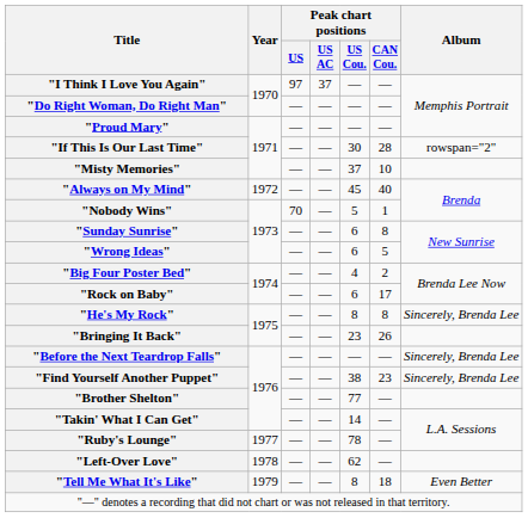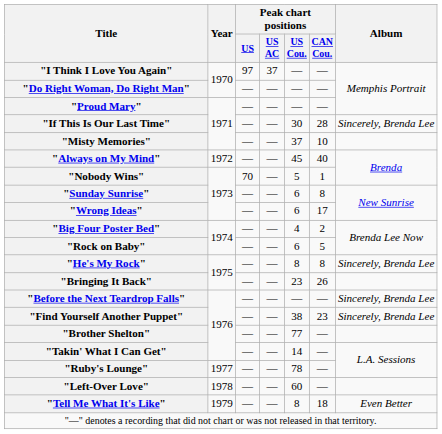 <table class="wikitable plainrowheaders" style="text-align:center;" border="1">
 <tr>
 <th scope="col" rowspan="2" style="width:18em;">Title</th>
 <th scope="col" rowspan="2">Year</th>
 <th scope="col" colspan="4">Peak chart positions</th>
 <th scope="col" rowspan="2">Album</th>
 </tr>
 <tr>
 <th scope="col" style="width:2em;font-size:90%;"><a href='#'>US</a><br></th>
 <th scope="col" style="width:2em;font-size:90%;"><a href='#'>US AC</a><br></th>
 <th scope="col" style="width:2em;font-size:90%;"><a href='#'>US<br>Cou.</a><br></th>
 <th scope="col" style="width:2em;font-size:90%;"><a href='#'>CAN<br>Cou.</a><br></th>
 </tr>
 <tr>
 <th scope="row">"I Think I Love You Again"</th>
 <td rowspan="2">1970</td>
 <td>97</td>
 <td>37</td>
 <td>—</td>
 <td>—</td>
 <td rowspan="3"><em>Memphis Portrait</em></td>
 </tr>
 <tr>
 <th scope="row">"<a href='#'>Do Right Woman, Do Right Man</a>"</th>
 <td>—</td>
 <td>—</td>
 <td>—</td>
 <td>—</td>
 </tr>
 <tr>
 <th scope="row">"<a href='#'>Proud Mary</a>"</th>
 <td rowspan="3">1971</td>
 <td>—</td>
 <td>—</td>
 <td>—</td>
 <td>—</td>
 </tr>
 <tr>
 <th scope="row">"If This Is Our Last Time"</th>
 <td>—</td>
 <td>—</td>
 <td>30</td>
 <td>28</td>
-<td>rowspan="2" </td>
+<td><em>Sincerely, Brenda Lee</em></td>
 </tr>
 <tr>
 <th scope="row">"Misty Memories"</th>
 <td>—</td>
 <td>—</td>
 <td>37</td>
 <td>10</td>
 </tr>
 <tr>
 <th scope="row">"<a href='#'>Always on My Mind</a>"</th>
 <td>1972</td>
 <td>—</td>
 <td>—</td>
 <td>45</td>
 <td>40</td>
 <td rowspan="2"><em><a href='#'>Brenda</a></em></td>
 </tr>
 <tr>
 <th scope="row">"Nobody Wins"</th>
 <td rowspan="3">1973</td>
 <td>70</td>
 <td>—</td>
 <td>5</td>
 <td>1</td>
 </tr>
 <tr>
 <th scope="row">"<a href='#'>Sunday Sunrise</a>"</th>
 <td>—</td>
 <td>—</td>
 <td>6</td>
 <td>8</td>
 <td rowspan="2"><em><a href='#'>New Sunrise</a></em></td>
 </tr>
 <tr>
 <th scope="row">"<a href='#'>Wrong Ideas</a>"</th>
 <td>—</td>
 <td>—</td>
 <td>6</td>
-<td>5</td>
+<td>17</td>
 </tr>
 <tr>
 <th scope="row">"<a href='#'>Big Four Poster Bed</a>"</th>
 <td rowspan="2">1974</td>
 <td>—</td>
 <td>—</td>
 <td>4</td>
 <td>2</td>
 <td rowspan="2"><em>Brenda Lee Now</em></td>
 </tr>
 <tr>
 <th scope="row">"Rock on Baby"</th>
 <td>—</td>
 <td>—</td>
 <td>6</td>
-<td>17</td>
+<td>5</td>
 </tr>
 <tr>
 <th scope="row">"<a href='#'>He's My Rock</a>"</th>
 <td rowspan="2">1975</td>
 <td>—</td>
 <td>—</td>
 <td>8</td>
 <td>8</td>
 <td><em>Sincerely, Brenda Lee</em></td>
 </tr>
 <tr>
 <th scope="row">"Bringing It Back"</th>
 <td>—</td>
 <td>—</td>
 <td>23</td>
 <td>26</td>
 <td></td>
 </tr>
 <tr>
 <th scope="row">"<a href='#'>Before the Next Teardrop Falls</a>"</th>
 <td rowspan="4">1976</td>
 <td>—</td>
 <td>—</td>
 <td>—</td>
 <td>—</td>
 <td><em>Sincerely, Brenda Lee</em></td>
 </tr>
 <tr>
 <th scope="row">"Find Yourself Another Puppet"</th>
 <td>—</td>
 <td>—</td>
 <td>38</td>
 <td>23</td>
 <td><em>Sincerely, Brenda Lee</em></td>
 </tr>
 <tr>
 <th scope="row">"Brother Shelton"</th>
 <td>—</td>
 <td>—</td>
 <td>77</td>
 <td>—</td>
 </tr>
 <tr>
 <th scope="row">"Takin' What I Can Get"</th>
 <td>—</td>
 <td>—</td>
 <td>14</td>
 <td>—</td>
 <td rowspan="2"><em>L.A. Sessions</em></td>
 </tr>
 <tr>
 <th scope="row">"Ruby's Lounge"</th>
 <td>1977</td>
 <td>—</td>
 <td>—</td>
 <td>78</td>
 <td>—</td>
 </tr>
 <tr>
 <th scope="row">"Left-Over Love"</th>
 <td>1978</td>
 <td>—</td>
 <td>—</td>
-<td>62</td>
+<td>60</td>
 <td>—</td>
 <td></td>
 </tr>
 <tr>
 <th scope="row">"<a href='#'>Tell Me What It's Like</a>"</th>
 <td>1979</td>
 <td>—</td>
 <td>—</td>
 <td>8</td>
 <td>18</td>
 <td><em>Even Better</em></td>
 </tr>
 <tr>
 <td colspan="7" style="font-size:90%">"—" denotes a recording that did not chart or was not released in that territory.</td>
 </tr>
 </table>
